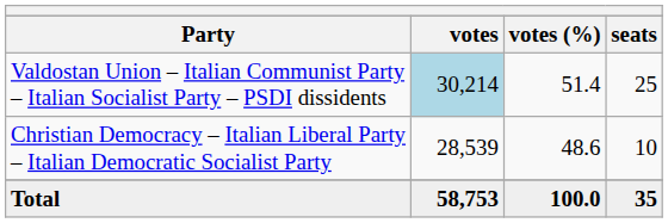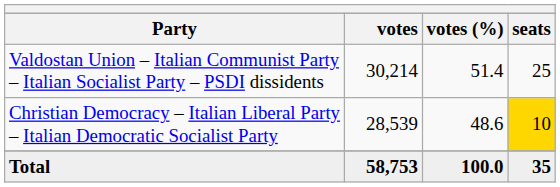 <table class="wikitable" style="font-size:95%">
 <tr>
 <th colspan=4></th>
 </tr>
 <tr>
 </tr>
 <tr bgcolor="EFEFEF">
 <th>Party</th>
 <th>      votes</th>
 <th>votes (%)</th>
 <th>seats</th>
 </tr>
 <tr>
 <td><a href='#'>Valdostan Union</a> – <a href='#'>Italian Communist Party</a><br>– <a href='#'>Italian Socialist Party</a> – <a href='#'>PSDI</a> dissidents</td>
-<td align=right style="background: lightblue;">30,214</td>
+<td align=right>30,214</td>
 <td align=right>51.4</td>
 <td align=right>25</td>
 </tr>
 <tr>
 <td><a href='#'>Christian Democracy</a> – <a href='#'>Italian Liberal Party</a><br>– <a href='#'>Italian Democratic Socialist Party</a></td>
 <td align=right>28,539</td>
 <td align=right>48.6</td>
-<td align=right>10</td>
+<td align=right style="background: gold;">10</td>
 </tr>
 <tr>
 </tr>
 <tr bgcolor="EFEFEF">
 <td><strong>Total</strong></td>
 <td align=right><strong>58,753</strong></td>
 <td align=right><strong>100.0</strong></td>
 <td align=right><strong>35</strong></td>
 </tr>
 </table>
